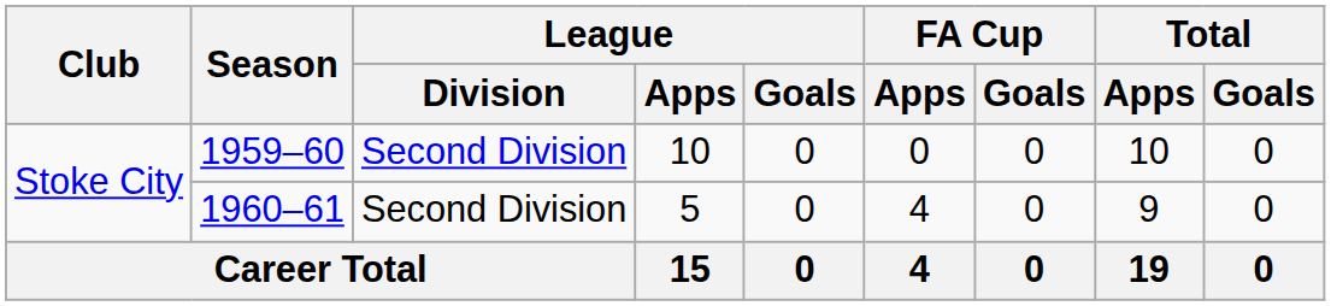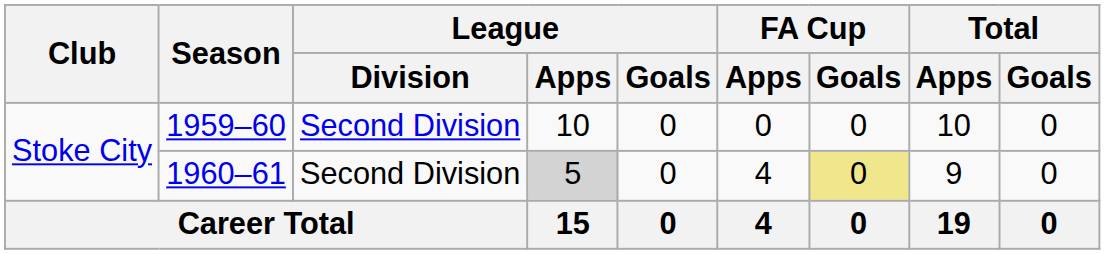 <table class="wikitable" style="text-align: center;">
 <tr>
 <th rowspan="2">Club</th>
 <th rowspan="2">Season</th>
 <th colspan="3">League</th>
 <th colspan="2">FA Cup</th>
 <th colspan="2">Total</th>
 </tr>
 <tr>
 <th>Division</th>
 <th>Apps</th>
 <th>Goals</th>
 <th>Apps</th>
 <th>Goals</th>
 <th>Apps</th>
 <th>Goals</th>
 </tr>
 <tr>
 <td rowspan="2"><a href='#'>Stoke City</a></td>
 <td><a href='#'>1959–60</a></td>
 <td><a href='#'>Second Division</a></td>
 <td>10</td>
 <td>0</td>
 <td>0</td>
 <td>0</td>
 <td>10</td>
 <td>0</td>
 </tr>
 <tr>
 <td><a href='#'>1960–61</a></td>
 <td>Second Division</td>
-<td>5</td>
+<td style="background: lightgrey;">5</td>
 <td>0</td>
 <td>4</td>
-<td>0</td>
+<td style="background: khaki;">0</td>
 <td>9</td>
 <td>0</td>
 </tr>
 <tr>
 <th colspan="3">Career Total</th>
 <th>15</th>
 <th>0</th>
 <th>4</th>
 <th>0</th>
 <th>19</th>
 <th>0</th>
 </tr>
 </table>
